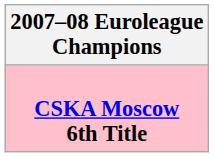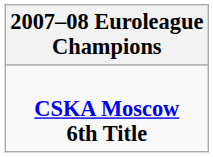 <table class=wikitable style="text-align:center; margin:auto">
 <tr>
 <th>2007–08 Euroleague<br>Champions</th>
 </tr>
 <tr>
-<td style="background: pink;"><br> <strong><a href='#'>CSKA Moscow</a></strong> <br> <strong>6th Title</strong></td>
+<td><br> <strong><a href='#'>CSKA Moscow</a></strong> <br> <strong>6th Title</strong></td>
 </tr>
 </table>
